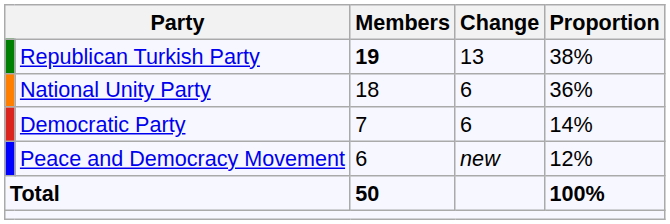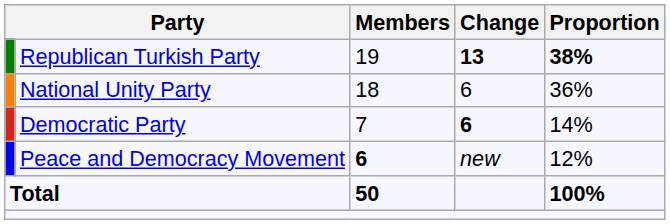 <table class=wikitable style="border:1px solid #8888aa; background-color:#f7f8ff; padding:0px; font-size:90%;">
 <tr>
 <th colspan="2">Party</th>
 <th>Members</th>
 <th>Change</th>
 <th>Proportion</th>
 </tr>
 <tr>
 <td style="background: #008000"></td>
 <td><a href='#'>Republican Turkish Party</a></td>
-<td><strong>19</strong></td>
-<td>13</td>
-<td>38%</td>
+<td>19</td>
+<td><strong>13</strong></td>
+<td><strong>38%</strong></td>
 </tr>
 <tr>
 <td style="background: #FF7F00"></td>
 <td><a href='#'>National Unity Party</a></td>
 <td>18</td>
 <td>6</td>
 <td>36%</td>
 </tr>
 <tr>
 <td style="background: #DC241f"></td>
 <td><a href='#'>Democratic Party</a></td>
 <td>7</td>
-<td>6</td>
+<td><strong>6</strong></td>
 <td>14%</td>
 </tr>
 <tr>
 <td style="background: #0000FF"></td>
 <td><a href='#'>Peace and Democracy Movement</a></td>
-<td>6</td>
+<td><strong>6</strong></td>
 <td><em>new</em></td>
 <td>12%</td>
 </tr>
 <tr>
 <td colspan="2"><strong>Total</strong></td>
 <td><strong>50</strong></td>
 <td></td>
 <td><strong>100%</strong></td>
 </tr>
 <tr>
 <td colspan="7"></td>
 </tr>
 </table>
